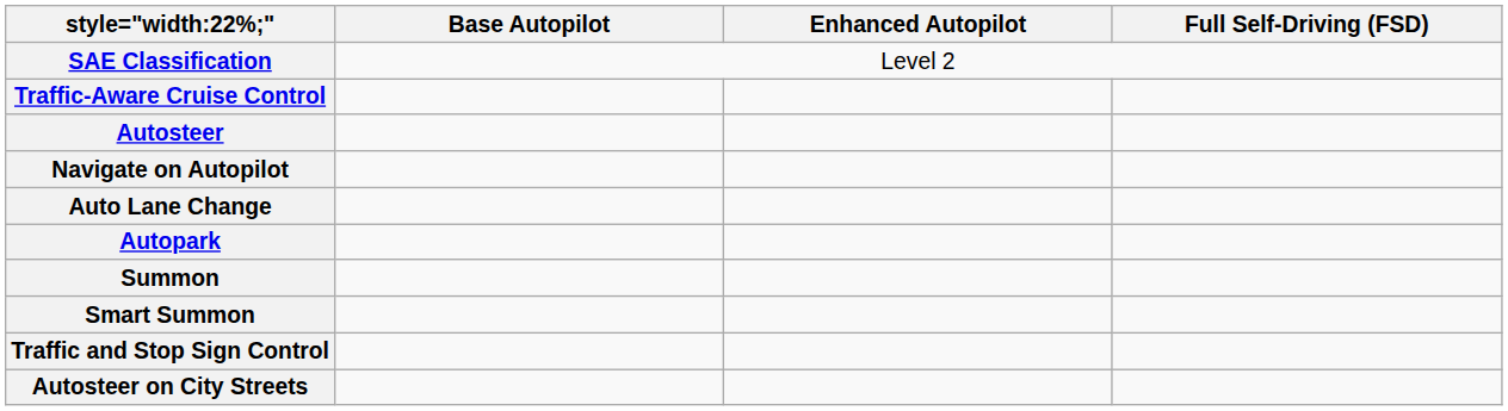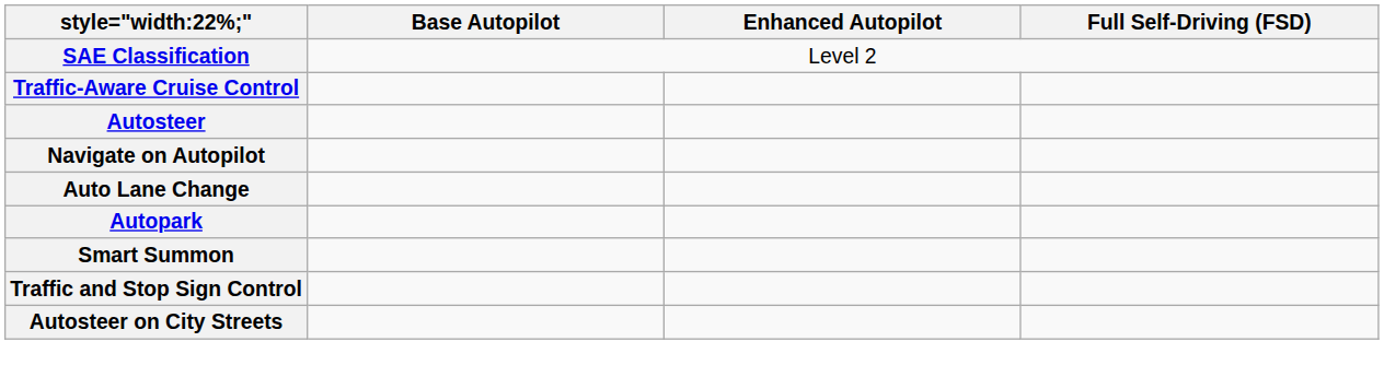 <table class="wikitable sortable" style="font-size:90%;text-align:center;">
 <tr>
 <th>style="width:22%;" </th>
 <th style="width:26%;">Base Autopilot</th>
 <th style="width:26%;">Enhanced Autopilot</th>
 <th style="width:26%;">Full Self-Driving (FSD)</th>
 </tr>
 <tr>
 <th><a href='#'>SAE Classification</a></th>
 <td colspan=3>Level 2</td>
 </tr>
 <tr>
 <th><a href='#'>Traffic-Aware Cruise Control</a></th>
 <td></td>
 <td></td>
 <td></td>
 </tr>
 <tr>
 <th><a href='#'>Autosteer</a></th>
 <td></td>
 <td></td>
 <td></td>
 </tr>
 <tr>
 <th>Navigate on Autopilot</th>
 <td></td>
 <td></td>
 <td></td>
 </tr>
 <tr>
 <th>Auto Lane Change</th>
 <td></td>
 <td></td>
 <td></td>
 </tr>
 <tr>
 <th><a href='#'>Autopark</a></th>
 <td></td>
 <td></td>
 <td></td>
 </tr>
 <tr>
-<th>Summon</th>
-<td></td>
-<td></td>
-<td></td>
-</tr>
-<tr>
 <th>Smart Summon</th>
 <td></td>
 <td></td>
 <td></td>
 </tr>
 <tr>
 <th>Traffic and Stop Sign Control</th>
 <td></td>
 <td></td>
 <td></td>
 </tr>
 <tr>
 <th>Autosteer on City Streets</th>
 <td></td>
 <td></td>
 <td></td>
 </tr>
 </table>
